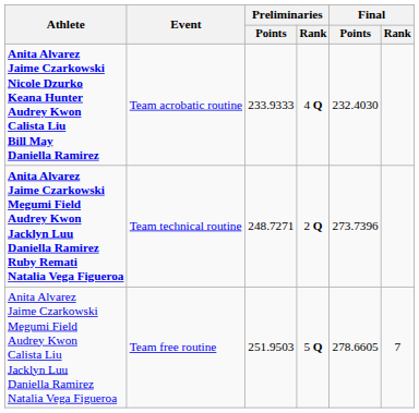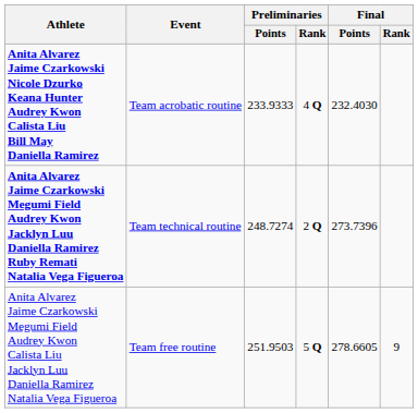 <table class="wikitable" style="text-align:center; font-size:90%;">
 <tr>
 <th rowspan="2">Athlete</th>
 <th rowspan="2">Event</th>
 <th colspan="2">Preliminaries</th>
 <th colspan="2">Final</th>
 </tr>
 <tr style="font-size:95%">
 <th>Points</th>
 <th>Rank</th>
 <th>Points</th>
 <th>Rank</th>
 </tr>
 <tr>
 <td align=left><strong><a href='#'>Anita Alvarez</a><br> <a href='#'>Jaime Czarkowski</a><br> <a href='#'>Nicole Dzurko</a><br> <a href='#'>Keana Hunter</a><br> <a href='#'>Audrey Kwon</a><br> <a href='#'>Calista Liu</a><br> <a href='#'>Bill May</a> <br> <a href='#'>Daniella Ramirez</a></strong></td>
 <td align=left><a href='#'>Team acrobatic routine</a></td>
 <td>233.9333</td>
 <td>4 <strong>Q</strong></td>
 <td>232.4030</td>
 <td></td>
 </tr>
 <tr>
 <td align=left><strong><a href='#'>Anita Alvarez</a><br> <a href='#'>Jaime Czarkowski</a><br> <a href='#'>Megumi Field</a><br> <a href='#'>Audrey Kwon</a><br> <a href='#'>Jacklyn Luu</a><br> <a href='#'>Daniella Ramirez</a><br> <a href='#'>Ruby Remati</a><br> <a href='#'>Natalia Vega Figueroa</a></strong></td>
 <td align=left><a href='#'>Team technical routine</a></td>
-<td>248.7271</td>
+<td>248.7274</td>
 <td>2 <strong>Q</strong></td>
 <td>273.7396</td>
 <td></td>
 </tr>
 <tr>
 <td align=left><a href='#'>Anita Alvarez</a><br> <a href='#'>Jaime Czarkowski</a><br> <a href='#'>Megumi Field</a><br> <a href='#'>Audrey Kwon</a><br> <a href='#'>Calista Liu</a><br> <a href='#'>Jacklyn Luu</a><br> <a href='#'>Daniella Ramirez</a><br>  <a href='#'>Natalia Vega Figueroa</a></td>
 <td align=left><a href='#'>Team free routine</a></td>
 <td>251.9503</td>
 <td>5 <strong>Q</strong></td>
 <td>278.6605</td>
-<td>7</td>
+<td>9</td>
 </tr>
 </table>
